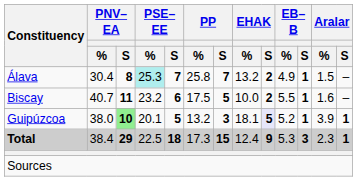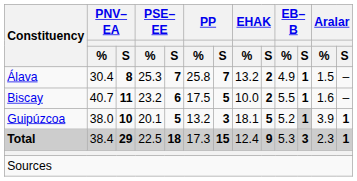 <table class="wikitable sortable" style="text-align:right; line-height:20px;">
 <tr>
 <th rowspan="3">Constituency</th>
 <th colspan="2" width="30px" class="unsortable"><a href='#'>PNV–EA</a></th>
 <th colspan="2" width="30px" class="unsortable"><a href='#'>PSE–EE</a></th>
 <th colspan="2" width="30px" class="unsortable"><a href='#'>PP</a></th>
 <th colspan="2" width="30px" class="unsortable"><a href='#'>EHAK</a></th>
 <th colspan="2" width="30px" class="unsortable"><a href='#'>EB–B</a></th>
 <th colspan="2" width="30px" class="unsortable"><a href='#'>Aralar</a></th>
 </tr>
 <tr>
 <th colspan="2" style="background:"></th>
 <th colspan="2" style="background:"></th>
 <th colspan="2" style="background:"></th>
 <th colspan="2" style="background:"></th>
 <th colspan="2" style="background:"></th>
 <th colspan="2" style="background:"></th>
 </tr>
 <tr>
 <th data-sort-type="number">%</th>
 <th data-sort-type="number">S</th>
 <th data-sort-type="number">%</th>
 <th data-sort-type="number">S</th>
 <th data-sort-type="number">%</th>
 <th data-sort-type="number">S</th>
 <th data-sort-type="number">%</th>
 <th data-sort-type="number">S</th>
 <th data-sort-type="number">%</th>
 <th data-sort-type="number">S</th>
 <th data-sort-type="number">%</th>
 <th data-sort-type="number">S</th>
 </tr>
 <tr>
 <td align="left"><a href='#'>Álava</a></td>
 <td style="background:">30.4</td>
 <td><strong>8</strong></td>
-<td style="background: paleturquoise;">25.3</td>
+<td>25.3</td>
 <td><strong>7</strong></td>
 <td>25.8</td>
 <td><strong>7</strong></td>
 <td>13.2</td>
 <td><strong>2</strong></td>
 <td>4.9</td>
 <td><strong>1</strong></td>
 <td>1.5</td>
 <td>–</td>
 </tr>
 <tr>
 <td align="left"><a href='#'>Biscay</a></td>
 <td style="background:">40.7</td>
 <td><strong>11</strong></td>
 <td>23.2</td>
 <td><strong>6</strong></td>
 <td>17.5</td>
 <td><strong>5</strong></td>
 <td>10.0</td>
 <td><strong>2</strong></td>
 <td>5.5</td>
 <td><strong>1</strong></td>
 <td>1.6</td>
 <td>–</td>
 </tr>
 <tr>
 <td align="left"><a href='#'>Guipúzcoa</a></td>
 <td style="background:">38.0</td>
-<td style="background: lightgreen;"><strong>10</strong></td>
+<td><strong>10</strong></td>
 <td>20.1</td>
 <td><strong>5</strong></td>
 <td>13.2</td>
 <td><strong>3</strong></td>
 <td>18.1</td>
-<td style="background: lavender;"><strong>5</strong></td>
+<td><strong>5</strong></td>
 <td>5.2</td>
-<td><strong>1</strong></td>
+<td style="background: lightgrey;"><strong>1</strong></td>
 <td>3.9</td>
 <td><strong>1</strong></td>
 </tr>
 <tr style="background:#CDCDCD;">
 <td align="left"><strong>Total</strong></td>
 <td style="background:">38.4</td>
 <td><strong>29</strong></td>
 <td>22.5</td>
 <td><strong>18</strong></td>
 <td>17.3</td>
 <td><strong>15</strong></td>
 <td>12.4</td>
 <td><strong>9</strong></td>
 <td>5.3</td>
 <td><strong>3</strong></td>
 <td>2.3</td>
 <td><strong>1</strong></td>
 </tr>
 <tr>
 <th colspan="13"></th>
 </tr>
 <tr>
 <th style="text-align:left; font-weight:normal; background:#F9F9F9" colspan="13">Sources</th>
 </tr>
 </table>
